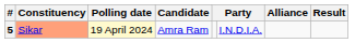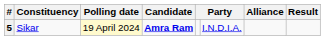 <table class="wikitable sortable">
 <tr>
 <th>#</th>
 <th>Constituency</th>
 <th>Polling date</th>
 <th>Candidate</th>
 <th colspan=2>Party</th>
 <th>Alliance</th>
 <th>Result</th>
 </tr>
 <tr>
 <th>5</th>
-<td style="background: lightsalmon;"><a href='#'>Sikar</a></td>
+<td><a href='#'>Sikar</a></td>
 <td bgcolor=#FFFACD>19 April 2024</td>
-<td><a href='#'>Amra Ram</a></td>
+<td><strong><a href='#'>Amra Ram</a></strong></td>
 <td></td>
 <td rowspan="2"><a href='#'>I.N.D.I.A.</a></td>
 <td></td>
 </tr>
 </table>
